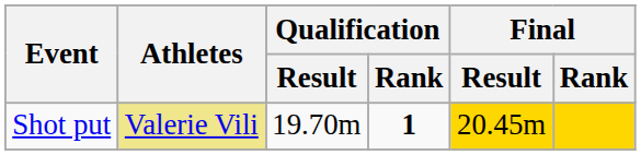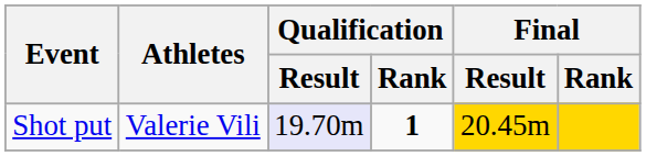 <table class="wikitable" border="1" style="font-size:90%">
 <tr>
 <th rowspan="2">Event</th>
 <th rowspan="2">Athletes</th>
 <th colspan="2">Qualification</th>
 <th colspan="2">Final</th>
 </tr>
 <tr>
 <th>Result</th>
 <th>Rank</th>
 <th>Result</th>
 <th>Rank</th>
 </tr>
 <tr>
 <td><a href='#'>Shot put</a></td>
-<td style="background: khaki;"><a href='#'>Valerie Vili</a></td>
-<td align=center>19.70m</td>
+<td><a href='#'>Valerie Vili</a></td>
+<td align=center style="background: lavender;">19.70m</td>
 <td align=center><strong>1</strong></td>
 <td align=center bgcolor="gold">20.45m</td>
 <td align=center bgcolor="gold"></td>
 </tr>
 </table>
